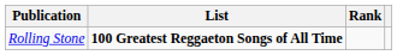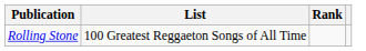 <table class="wikitable">
 <tr>
 <th>Publication</th>
 <th>List</th>
 <th>Rank</th>
 <th></th>
 </tr>
 <tr>
 <td><em><a href='#'>Rolling Stone</a></em></td>
-<td><strong>100 Greatest Reggaeton Songs of All Time</strong></td>
+<td>100 Greatest Reggaeton Songs of All Time</td>
 <td></td>
 <td></td>
 </tr>
 </table>
